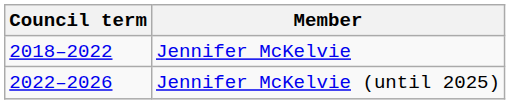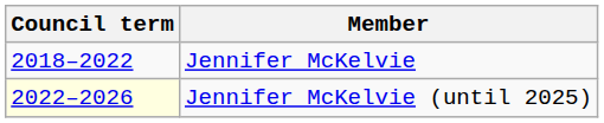 <table class="wikitable">
 <tr>
 <th>Council term</th>
 <th>Member</th>
 </tr>
 <tr>
 <td><a href='#'>2018–2022</a></td>
 <td><a href='#'>Jennifer McKelvie</a></td>
 </tr>
 <tr>
-<td><a href='#'>2022–2026</a></td>
+<td style="background: lightyellow;"><a href='#'>2022–2026</a></td>
 <td colspan="2"><a href='#'>Jennifer McKelvie</a> (until 2025)</td>
 </tr>
 </table>
